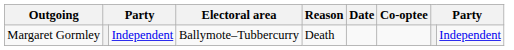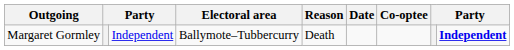 <table class="wikitable" style="font-size: 95%;">
 <tr>
 <th>Outgoing</th>
 <th colspan=2>Party</th>
 <th>Electoral area</th>
 <th>Reason</th>
 <th>Date</th>
 <th>Co-optee</th>
 <th colspan=2>Party</th>
 </tr>
 <tr>
 <td>Margaret Gormley</td>
 <th style="background-color: "></th>
 <td><a href='#'>Independent</a></td>
 <td>Ballymote–Tubbercurry</td>
 <td>Death</td>
 <td></td>
 <td></td>
 <th style="background-color: "></th>
-<td><a href='#'>Independent</a></td>
+<td><strong><a href='#'>Independent</a></strong></td>
 </tr>
 </table>
